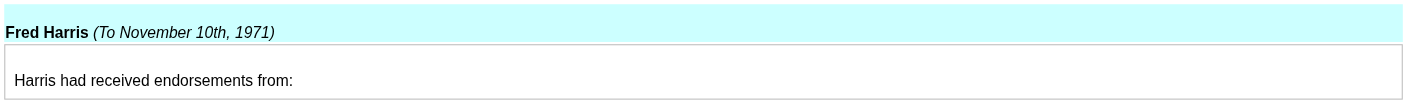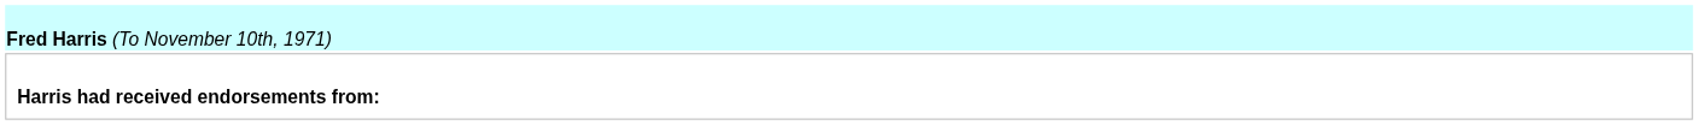 <table class="collapsible collapsed" style="width:100%;font-size:88%;text-align:left; border:0; margin-top:0.2em;">
 <tr>
 <th style="background:#cff; font-weight:normal;"><br><strong>Fred Harris</strong> <em>(To November 10th, 1971)</em></th>
 </tr>
 <tr>
-<td style="border:solid 1px silver; padding:8px; background:white;"><br>Harris had received endorsements from:</td>
+<td style="border:solid 1px silver; padding:8px; background:white;"><strong><br>Harris had received endorsements from:</strong></td>
 </tr>
 <tr>
 <td style="text-align:center;"></td>
 </tr>
 </table>
